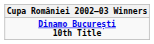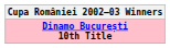 <table class="wikitable" style="text-align: center; margin: 0 auto;">
 <tr>
 <th>Cupa României 2002–03 Winners</th>
 </tr>
 <tr>
-<td><strong><a href='#'>Dinamo București</a></strong><br><strong>10th Title</strong></td>
+<td style="background: pink;"><strong><a href='#'>Dinamo București</a></strong><br><strong>10th Title</strong></td>
 </tr>
 </table>
